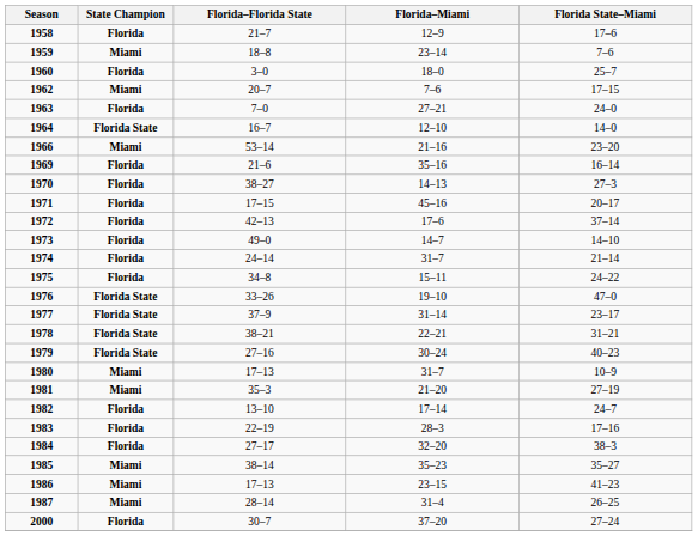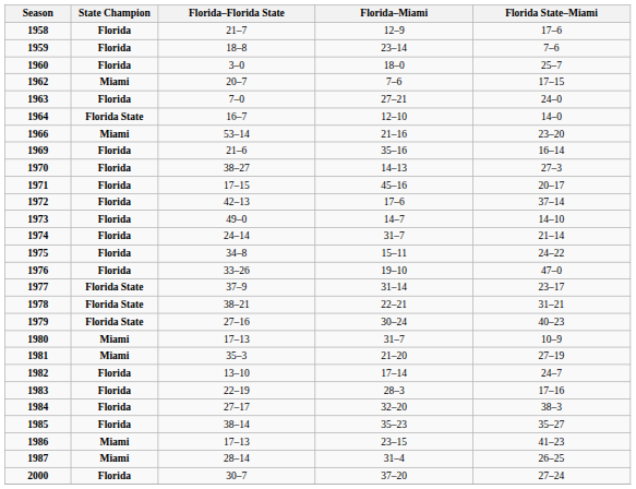 <table class="wikitable" style="font-size: 90%; text-align:center; float:left; margin-right:1em;">
 <tr>
 <th style="width:6em">Season</th>
 <th style="width:8em">State Champion</th>
 <th style="width:15em">Florida–Florida State</th>
 <th style="width:15em">Florida–Miami</th>
 <th style="width:15em">Florida State–Miami</th>
 </tr>
 <tr>
 <td><strong>1958</strong></td>
 <td><strong>Florida</strong></td>
 <td>21–7</td>
 <td>12–9</td>
 <td>17–6</td>
 </tr>
 <tr>
 <td><strong>1959</strong></td>
-<td><strong>Miami</strong></td>
+<td><strong>Florida</strong></td>
 <td>18–8</td>
 <td>23–14</td>
 <td>7–6</td>
 </tr>
 <tr>
 <td><strong>1960</strong></td>
 <td><strong>Florida</strong></td>
 <td>3–0</td>
 <td>18–0</td>
 <td>25–7</td>
 </tr>
 <tr>
 <td><strong>1962</strong></td>
 <td><strong>Miami</strong></td>
 <td>20–7</td>
 <td>7–6</td>
 <td>17–15</td>
 </tr>
 <tr>
 <td><strong>1963</strong></td>
 <td><strong>Florida</strong></td>
 <td>7–0</td>
 <td>27–21</td>
 <td>24–0</td>
 </tr>
 <tr>
 <td><strong>1964</strong></td>
 <td><strong>Florida State</strong></td>
 <td>16–7</td>
 <td>12–10</td>
 <td>14–0</td>
 </tr>
 <tr>
 <td><strong>1966</strong></td>
 <td><strong>Miami</strong></td>
 <td>53–14</td>
 <td>21–16</td>
 <td>23–20</td>
 </tr>
 <tr>
 <td><strong>1969</strong></td>
 <td><strong>Florida</strong></td>
 <td>21–6</td>
 <td>35–16</td>
 <td>16–14</td>
 </tr>
 <tr>
 <td><strong>1970</strong></td>
 <td><strong>Florida</strong></td>
 <td>38–27</td>
 <td>14–13</td>
 <td>27–3</td>
 </tr>
 <tr>
 <td><strong>1971</strong></td>
 <td><strong>Florida</strong></td>
 <td>17–15</td>
 <td>45–16</td>
 <td>20–17</td>
 </tr>
 <tr>
 <td><strong>1972</strong></td>
 <td><strong>Florida</strong></td>
 <td>42–13</td>
 <td>17–6</td>
 <td>37–14</td>
 </tr>
 <tr>
 <td><strong>1973</strong></td>
 <td><strong>Florida</strong></td>
 <td>49–0</td>
 <td>14–7</td>
 <td>14–10</td>
 </tr>
 <tr>
 <td><strong>1974</strong></td>
 <td><strong>Florida</strong></td>
 <td>24–14</td>
 <td>31–7</td>
 <td>21–14</td>
 </tr>
 <tr>
 <td><strong>1975</strong></td>
 <td><strong>Florida</strong></td>
 <td>34–8</td>
 <td>15–11</td>
 <td>24–22</td>
 </tr>
 <tr>
 <td><strong>1976</strong></td>
-<td><strong>Florida State</strong></td>
+<td><strong>Florida</strong></td>
 <td>33–26</td>
 <td>19–10</td>
 <td>47–0</td>
 </tr>
 <tr>
 <td><strong>1977</strong></td>
 <td><strong>Florida State</strong></td>
 <td>37–9</td>
 <td>31–14</td>
 <td>23–17</td>
 </tr>
 <tr>
 <td><strong>1978</strong></td>
 <td><strong>Florida State</strong></td>
 <td>38–21</td>
 <td>22–21</td>
 <td>31–21</td>
 </tr>
 <tr>
 <td><strong>1979</strong></td>
 <td><strong>Florida State</strong></td>
 <td>27–16</td>
 <td>30–24</td>
 <td>40–23</td>
 </tr>
 <tr>
 <td><strong>1980</strong></td>
 <td><strong>Miami</strong></td>
 <td>17–13</td>
 <td>31–7</td>
 <td>10–9</td>
 </tr>
 <tr>
 <td><strong>1981</strong></td>
 <td><strong>Miami</strong></td>
 <td>35–3</td>
 <td>21–20</td>
 <td>27–19</td>
 </tr>
 <tr>
 <td><strong>1982</strong></td>
 <td><strong>Florida</strong></td>
 <td>13–10</td>
 <td>17–14</td>
 <td>24–7</td>
 </tr>
 <tr>
 <td><strong>1983</strong></td>
 <td><strong>Florida</strong></td>
 <td>22–19</td>
 <td>28–3</td>
 <td>17–16</td>
 </tr>
 <tr>
 <td><strong>1984</strong></td>
 <td><strong>Florida</strong></td>
 <td>27–17</td>
 <td>32–20</td>
 <td>38–3</td>
 </tr>
 <tr>
 <td><strong>1985</strong></td>
-<td><strong>Miami</strong></td>
+<td><strong>Florida</strong></td>
 <td>38–14</td>
 <td>35–23</td>
 <td>35–27</td>
 </tr>
 <tr>
 <td><strong>1986</strong></td>
 <td><strong>Miami</strong></td>
 <td>17–13</td>
 <td>23–15</td>
 <td>41–23</td>
 </tr>
 <tr>
 <td><strong>1987</strong></td>
 <td><strong>Miami</strong></td>
 <td>28–14</td>
 <td>31–4</td>
 <td>26–25</td>
 </tr>
 <tr>
 <td><strong>2000</strong></td>
 <td><strong>Florida</strong></td>
 <td>30–7</td>
 <td>37–20</td>
 <td>27–24</td>
 </tr>
 <tr>
 </tr>
 </table>
